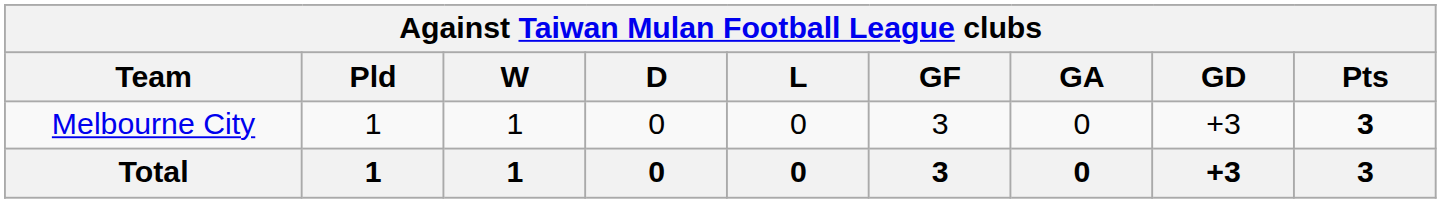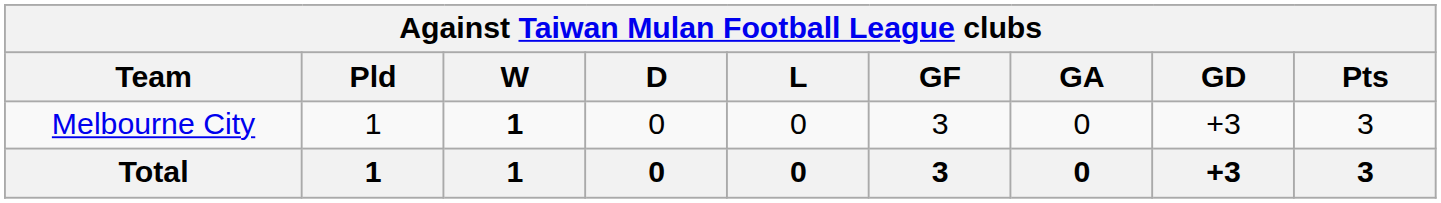 <table class="wikitable" width="60%" style="text-align:center">
 <tr>
 <th colspan="9">Against <a href='#'>Taiwan Mulan Football League</a> clubs</th>
 </tr>
 <tr>
 <th width="10%">Team</th>
 <th width="5%">Pld</th>
 <th width="5%">W</th>
 <th width="5%">D</th>
 <th width="5%">L</th>
 <th width="5%">GF</th>
 <th width="5%">GA</th>
 <th width="5%">GD</th>
 <th width="5%">Pts</th>
 </tr>
 <tr>
 <td><a href='#'>Melbourne City</a></td>
 <td>1</td>
-<td>1</td>
+<td><strong>1</strong></td>
 <td>0</td>
 <td>0</td>
 <td>3</td>
 <td>0</td>
 <td>+3</td>
-<td><strong>3</strong></td>
+<td>3</td>
 </tr>
 <tr>
 <th>Total</th>
 <th>1</th>
 <th>1</th>
 <th>0</th>
 <th>0</th>
 <th>3</th>
 <th>0</th>
 <th>+3</th>
 <th>3</th>
 </tr>
 </table>
